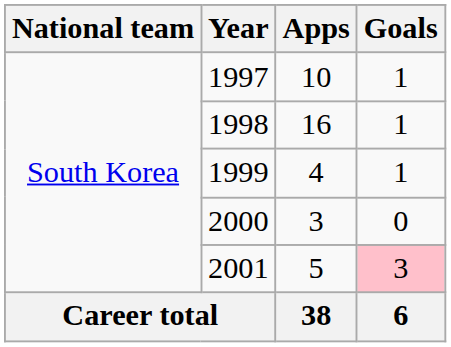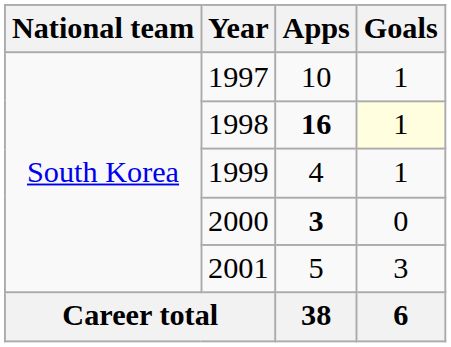 <table class="wikitable" style="text-align:center">
 <tr>
 <th>National team</th>
 <th>Year</th>
 <th>Apps</th>
 <th>Goals</th>
 </tr>
 <tr>
 <td rowspan=5><a href='#'>South Korea</a></td>
 <td>1997</td>
 <td>10</td>
 <td>1</td>
 </tr>
 <tr>
 <td>1998</td>
-<td>16</td>
-<td>1</td>
+<td><strong>16</strong></td>
+<td style="background: lightyellow;">1</td>
 </tr>
 <tr>
 <td>1999</td>
 <td>4</td>
 <td>1</td>
 </tr>
 <tr>
 <td>2000</td>
-<td>3</td>
+<td><strong>3</strong></td>
 <td>0</td>
 </tr>
 <tr>
 <td>2001</td>
 <td>5</td>
-<td style="background: pink;">3</td>
+<td>3</td>
 </tr>
 <tr>
 <th colspan=2>Career total</th>
 <th>38</th>
 <th>6</th>
 </tr>
 </table>
